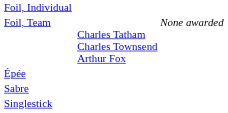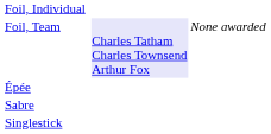 <table>
 <tr>
 <td><a href='#'>Foil, Individual</a><br></td>
 <td></td>
 <td></td>
 <td></td>
 </tr>
 <tr valign="top">
 <td><a href='#'>Foil, Team</a><br></td>
 <td><br><br><br></td>
-<td><br><a href='#'>Charles Tatham</a><br><a href='#'>Charles Townsend</a><br><a href='#'>Arthur Fox</a></td>
+<td style="background: lavender;"><br><a href='#'>Charles Tatham</a><br><a href='#'>Charles Townsend</a><br><a href='#'>Arthur Fox</a></td>
 <td colspan="2" align="center"><em>None awarded</em></td>
 </tr>
 <tr>
 <td><a href='#'>Épée</a><br></td>
 <td></td>
 <td></td>
 <td></td>
 </tr>
 <tr>
 <td><a href='#'>Sabre</a><br></td>
 <td></td>
 <td></td>
 <td></td>
 </tr>
 <tr>
 <td><a href='#'>Singlestick</a><br></td>
 <td></td>
 <td></td>
 <td></td>
 </tr>
 </table>
